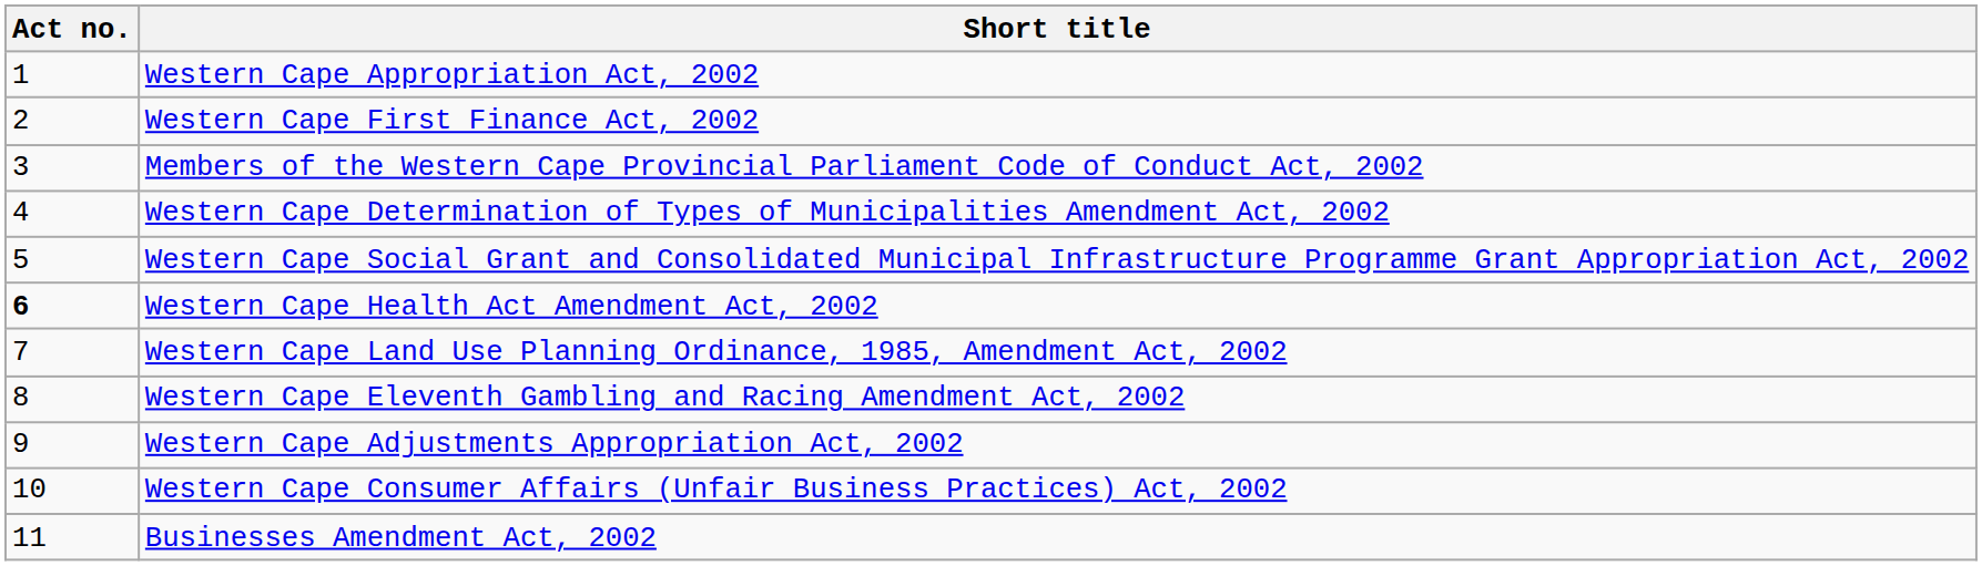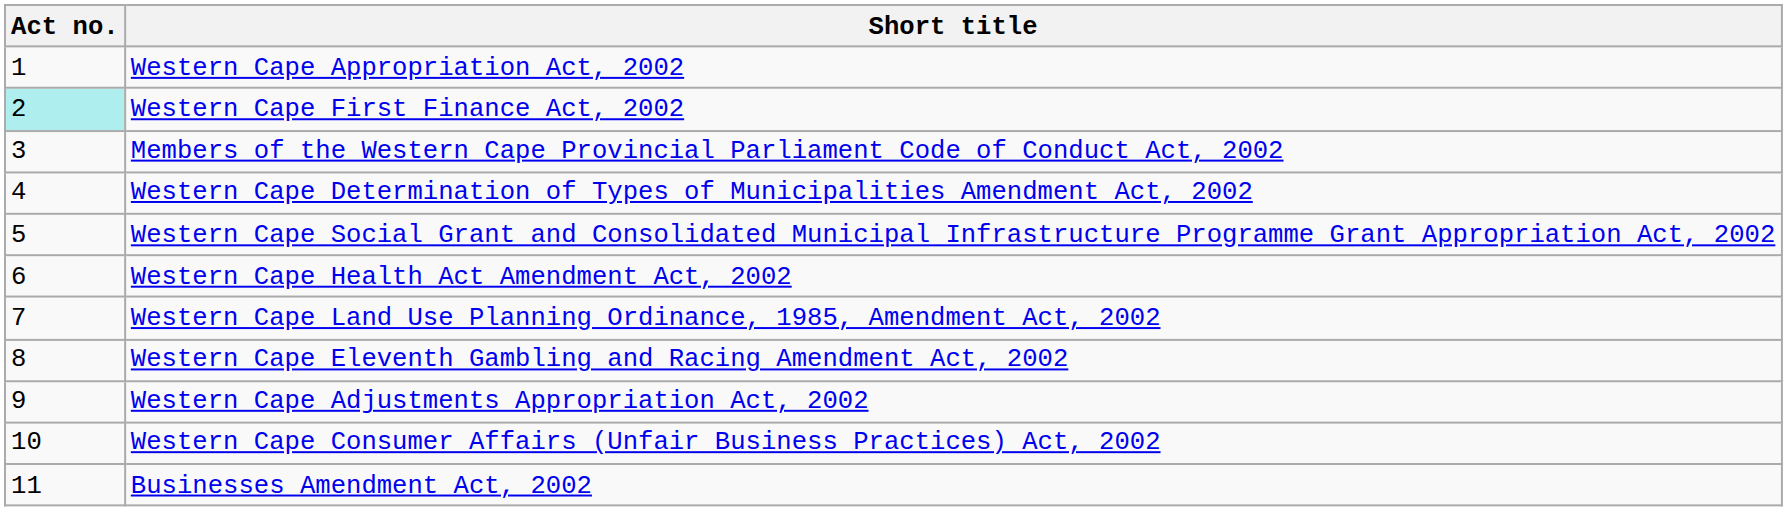 <table class="wikitable">
 <tr>
 <th>Act no.</th>
 <th>Short title</th>
 </tr>
 <tr>
 <td>1</td>
 <td><a href='#'>Western Cape Appropriation Act, 2002</a></td>
 </tr>
 <tr>
-<td>2</td>
+<td style="background: paleturquoise;">2</td>
 <td><a href='#'>Western Cape First Finance Act, 2002</a></td>
 </tr>
 <tr>
 <td>3</td>
 <td><a href='#'>Members of the Western Cape Provincial Parliament Code of Conduct Act, 2002</a></td>
 </tr>
 <tr>
 <td>4</td>
 <td><a href='#'>Western Cape Determination of Types of Municipalities Amendment Act, 2002</a></td>
 </tr>
 <tr>
 <td>5</td>
 <td><a href='#'>Western Cape Social Grant and Consolidated Municipal Infrastructure Programme Grant Appropriation Act, 2002</a></td>
 </tr>
 <tr>
-<td><strong>6</strong></td>
+<td>6</td>
 <td><a href='#'>Western Cape Health Act Amendment Act, 2002</a></td>
 </tr>
 <tr>
 <td>7</td>
 <td><a href='#'>Western Cape Land Use Planning Ordinance, 1985, Amendment Act, 2002</a></td>
 </tr>
 <tr>
 <td>8</td>
 <td><a href='#'>Western Cape Eleventh Gambling and Racing Amendment Act, 2002</a></td>
 </tr>
 <tr>
 <td>9</td>
 <td><a href='#'>Western Cape Adjustments Appropriation Act, 2002</a></td>
 </tr>
 <tr>
 <td>10</td>
 <td><a href='#'>Western Cape Consumer Affairs (Unfair Business Practices) Act, 2002</a></td>
 </tr>
 <tr>
 <td>11</td>
 <td><a href='#'>Businesses Amendment Act, 2002</a></td>
 </tr>
 </table>
